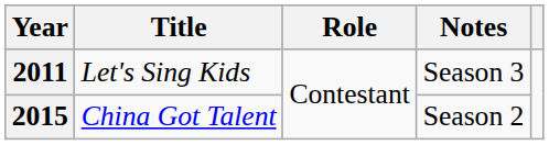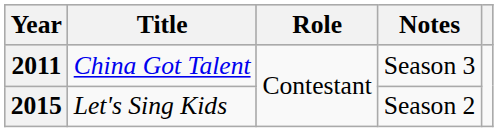 <table class="wikitable plainrowheaders sortable">
 <tr>
 <th scope="col">Year</th>
 <th scope="col">Title</th>
 <th scope="col">Role</th>
 <th scope="col">Notes</th>
 <th scope="col" class="unsortable"></th>
 </tr>
 <tr>
 <th scope="row">2011</th>
-<td><em>Let's Sing Kids</em></td>
+<td><em><a href='#'>China Got Talent</a></em></td>
 <td rowspan="2">Contestant</td>
 <td>Season 3</td>
 <td rowspan="2" style="text-align:center"></td>
 </tr>
 <tr>
 <th scope="row">2015</th>
-<td><em><a href='#'>China Got Talent</a></em></td>
+<td><em>Let's Sing Kids</em></td>
 <td>Season 2</td>
 </tr>
 </table>
